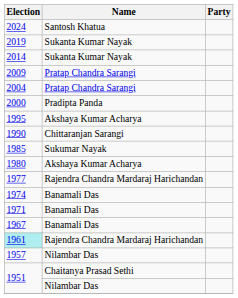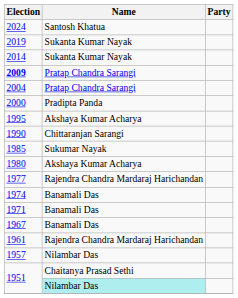 <table class="wikitable sortable">
 <tr>
 <th>Election</th>
 <th>Name</th>
 <th colspan=2>Party</th>
 </tr>
 <tr>
 <td><a href='#'>2024</a></td>
 <td>Santosh Khatua</td>
 <td></td>
 </tr>
 <tr>
 <td><a href='#'>2019</a></td>
 <td>Sukanta Kumar Nayak</td>
 <td></td>
 </tr>
 <tr>
 <td><a href='#'>2014</a></td>
 <td>Sukanta Kumar Nayak</td>
 <td></td>
 </tr>
 <tr>
-<td><a href='#'>2009</a></td>
+<td><strong><a href='#'>2009</a></strong></td>
 <td><a href='#'>Pratap Chandra Sarangi</a></td>
 <td></td>
 </tr>
 <tr>
 <td><a href='#'>2004</a></td>
 <td><a href='#'>Pratap Chandra Sarangi</a></td>
 <td></td>
 </tr>
 <tr>
 <td><a href='#'>2000</a></td>
 <td>Pradipta Panda</td>
 <td></td>
 </tr>
 <tr>
 <td><a href='#'>1995</a></td>
 <td>Akshaya Kumar Acharya</td>
 <td></td>
 </tr>
 <tr>
 <td><a href='#'>1990</a></td>
 <td>Chittaranjan Sarangi</td>
 <td></td>
 </tr>
 <tr>
 <td><a href='#'>1985</a></td>
 <td>Sukumar Nayak</td>
 <td></td>
 </tr>
 <tr>
 <td><a href='#'>1980</a></td>
 <td>Akshaya Kumar Acharya</td>
 <td></td>
 </tr>
 <tr>
 <td><a href='#'>1977</a></td>
 <td>Rajendra Chandra Mardaraj Harichandan</td>
 <td></td>
 </tr>
 <tr>
 <td><a href='#'>1974</a></td>
 <td>Banamali Das</td>
 <td></td>
 </tr>
 <tr>
 <td><a href='#'>1971</a></td>
 <td>Banamali Das</td>
 <td></td>
 </tr>
 <tr>
 <td><a href='#'>1967</a></td>
 <td>Banamali Das</td>
 <td></td>
 </tr>
 <tr>
-<td style="background: paleturquoise;"><a href='#'>1961</a></td>
+<td><a href='#'>1961</a></td>
 <td>Rajendra Chandra Mardaraj Harichandan</td>
 <td></td>
 </tr>
 <tr>
 <td><a href='#'>1957</a></td>
 <td>Nilambar Das</td>
 <td></td>
 </tr>
 <tr>
 <td rowspan="2"><a href='#'>1951</a></td>
 <td>Chaitanya Prasad Sethi</td>
 <td></td>
 </tr>
 <tr>
-<td>Nilambar Das</td>
+<td style="background: paleturquoise;">Nilambar Das</td>
 <td></td>
 </tr>
 <tr>
 </tr>
 </table>
